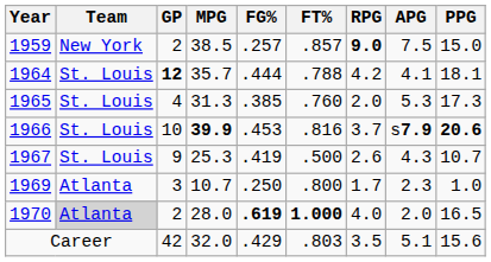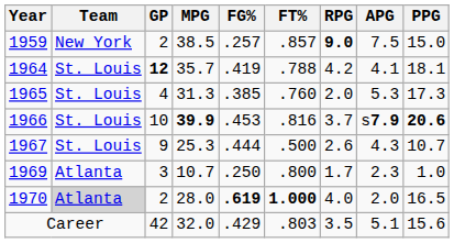 <table class="wikitable sortable" style="font-size:95%; text-align:right;">
 <tr>
 <th>Year</th>
 <th>Team</th>
 <th>GP</th>
 <th>MPG</th>
 <th>FG%</th>
 <th>FT%</th>
 <th>RPG</th>
 <th>APG</th>
 <th>PPG</th>
 </tr>
 <tr>
 <td style="text-align:left;"><a href='#'>1959</a></td>
 <td style="text-align:left;"><a href='#'>New York</a></td>
 <td>2</td>
 <td>38.5</td>
 <td>.257</td>
 <td>.857</td>
 <td><strong>9.0</strong></td>
 <td>7.5</td>
 <td>15.0</td>
 </tr>
 <tr>
 <td style="text-align:left;"><a href='#'>1964</a></td>
 <td style="text-align:left;"><a href='#'>St. Louis</a></td>
 <td><strong>12</strong></td>
 <td>35.7</td>
-<td>.444</td>
+<td>.419</td>
 <td>.788</td>
 <td>4.2</td>
 <td>4.1</td>
 <td>18.1</td>
 </tr>
 <tr>
 <td style="text-align:left;"><a href='#'>1965</a></td>
 <td style="text-align:left;"><a href='#'>St. Louis</a></td>
 <td>4</td>
 <td>31.3</td>
 <td>.385</td>
 <td>.760</td>
 <td>2.0</td>
 <td>5.3</td>
 <td>17.3</td>
 </tr>
 <tr>
 <td style="text-align:left;"><a href='#'>1966</a></td>
 <td style="text-align:left;"><a href='#'>St. Louis</a></td>
 <td>10</td>
 <td><strong>39.9</strong></td>
 <td>.453</td>
 <td>.816</td>
 <td>3.7</td>
 <td>s<strong>7.9</strong></td>
 <td><strong>20.6</strong></td>
 </tr>
 <tr>
 <td style="text-align:left;"><a href='#'>1967</a></td>
 <td style="text-align:left;"><a href='#'>St. Louis</a></td>
 <td>9</td>
 <td>25.3</td>
-<td>.419</td>
+<td>.444</td>
 <td>.500</td>
 <td>2.6</td>
 <td>4.3</td>
 <td>10.7</td>
 </tr>
 <tr>
 <td style="text-align:left;"><a href='#'>1969</a></td>
 <td style="text-align:left;"><a href='#'>Atlanta</a></td>
 <td>3</td>
 <td>10.7</td>
 <td>.250</td>
 <td>.800</td>
 <td>1.7</td>
 <td>2.3</td>
 <td>1.0</td>
 </tr>
 <tr>
 <td style="text-align:left;"><a href='#'>1970</a></td>
 <td style="background: lightgrey; text-align:left;"><a href='#'>Atlanta</a></td>
 <td>2</td>
 <td>28.0</td>
 <td><strong>.619</strong></td>
 <td><strong>1.000</strong></td>
 <td>4.0</td>
 <td>2.0</td>
 <td>16.5</td>
 </tr>
 <tr class="sortbottom">
 <td colspan="2" style="text-align:center;">Career</td>
 <td>42</td>
 <td>32.0</td>
 <td>.429</td>
 <td>.803</td>
 <td>3.5</td>
 <td>5.1</td>
 <td>15.6</td>
 </tr>
 </table>
